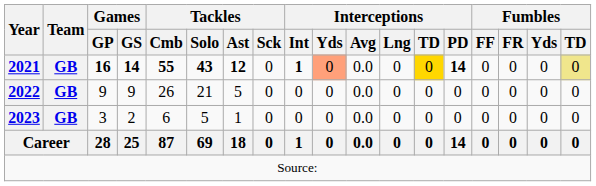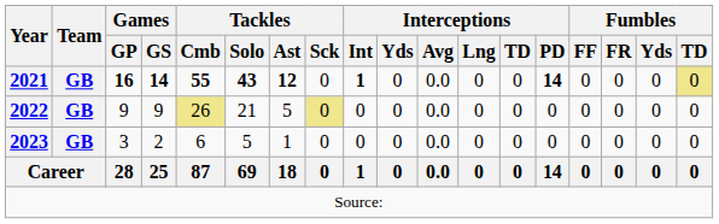 <table class="wikitable" style="text-align:center;">
 <tr>
 <th rowspan="2">Year</th>
 <th rowspan="2">Team</th>
 <th colspan="2">Games</th>
 <th colspan="4">Tackles</th>
 <th colspan="6">Interceptions</th>
 <th colspan="4">Fumbles</th>
 </tr>
 <tr>
 <th>GP</th>
 <th>GS</th>
 <th>Cmb</th>
 <th>Solo</th>
 <th>Ast</th>
 <th>Sck</th>
 <th>Int</th>
 <th>Yds</th>
 <th>Avg</th>
 <th>Lng</th>
 <th>TD</th>
 <th>PD</th>
 <th>FF</th>
 <th>FR</th>
 <th>Yds</th>
 <th>TD</th>
 </tr>
 <tr>
 <th><a href='#'>2021</a></th>
 <th><a href='#'>GB</a></th>
 <td><strong>16</strong></td>
 <td><strong>14</strong></td>
 <td><strong>55</strong></td>
 <td><strong>43</strong></td>
 <td><strong>12</strong></td>
 <td>0</td>
 <td><strong>1</strong></td>
-<td style="background: lightsalmon;">0</td>
+<td>0</td>
 <td>0.0</td>
 <td>0</td>
-<td style="background: gold;">0</td>
+<td>0</td>
 <td><strong>14</strong></td>
 <td>0</td>
 <td>0</td>
 <td>0</td>
 <td style="background: khaki;">0</td>
 </tr>
 <tr>
 <th><a href='#'>2022</a></th>
 <th><a href='#'>GB</a></th>
 <td>9</td>
 <td>9</td>
-<td>26</td>
+<td style="background: khaki;">26</td>
 <td>21</td>
 <td>5</td>
-<td>0</td>
+<td style="background: khaki;">0</td>
 <td>0</td>
 <td>0</td>
 <td>0.0</td>
 <td>0</td>
 <td>0</td>
 <td>0</td>
 <td>0</td>
 <td>0</td>
 <td>0</td>
 <td>0</td>
 </tr>
 <tr>
 <th><a href='#'>2023</a></th>
 <th><a href='#'>GB</a></th>
 <td>3</td>
 <td>2</td>
 <td>6</td>
 <td>5</td>
 <td>1</td>
 <td>0</td>
 <td>0</td>
 <td>0</td>
 <td>0.0</td>
 <td>0</td>
 <td>0</td>
 <td>0</td>
 <td>0</td>
 <td>0</td>
 <td>0</td>
 <td>0</td>
 </tr>
 <tr>
 <th colspan="2">Career</th>
 <th>28</th>
 <th>25</th>
 <th>87</th>
 <th>69</th>
 <th>18</th>
 <th>0</th>
 <th>1</th>
 <th>0</th>
 <th>0.0</th>
 <th>0</th>
 <th>0</th>
 <th>14</th>
 <th>0</th>
 <th>0</th>
 <th>0</th>
 <th>0</th>
 </tr>
 <tr>
 <td colspan="18"><small>Source: </small></td>
 </tr>
 </table>
